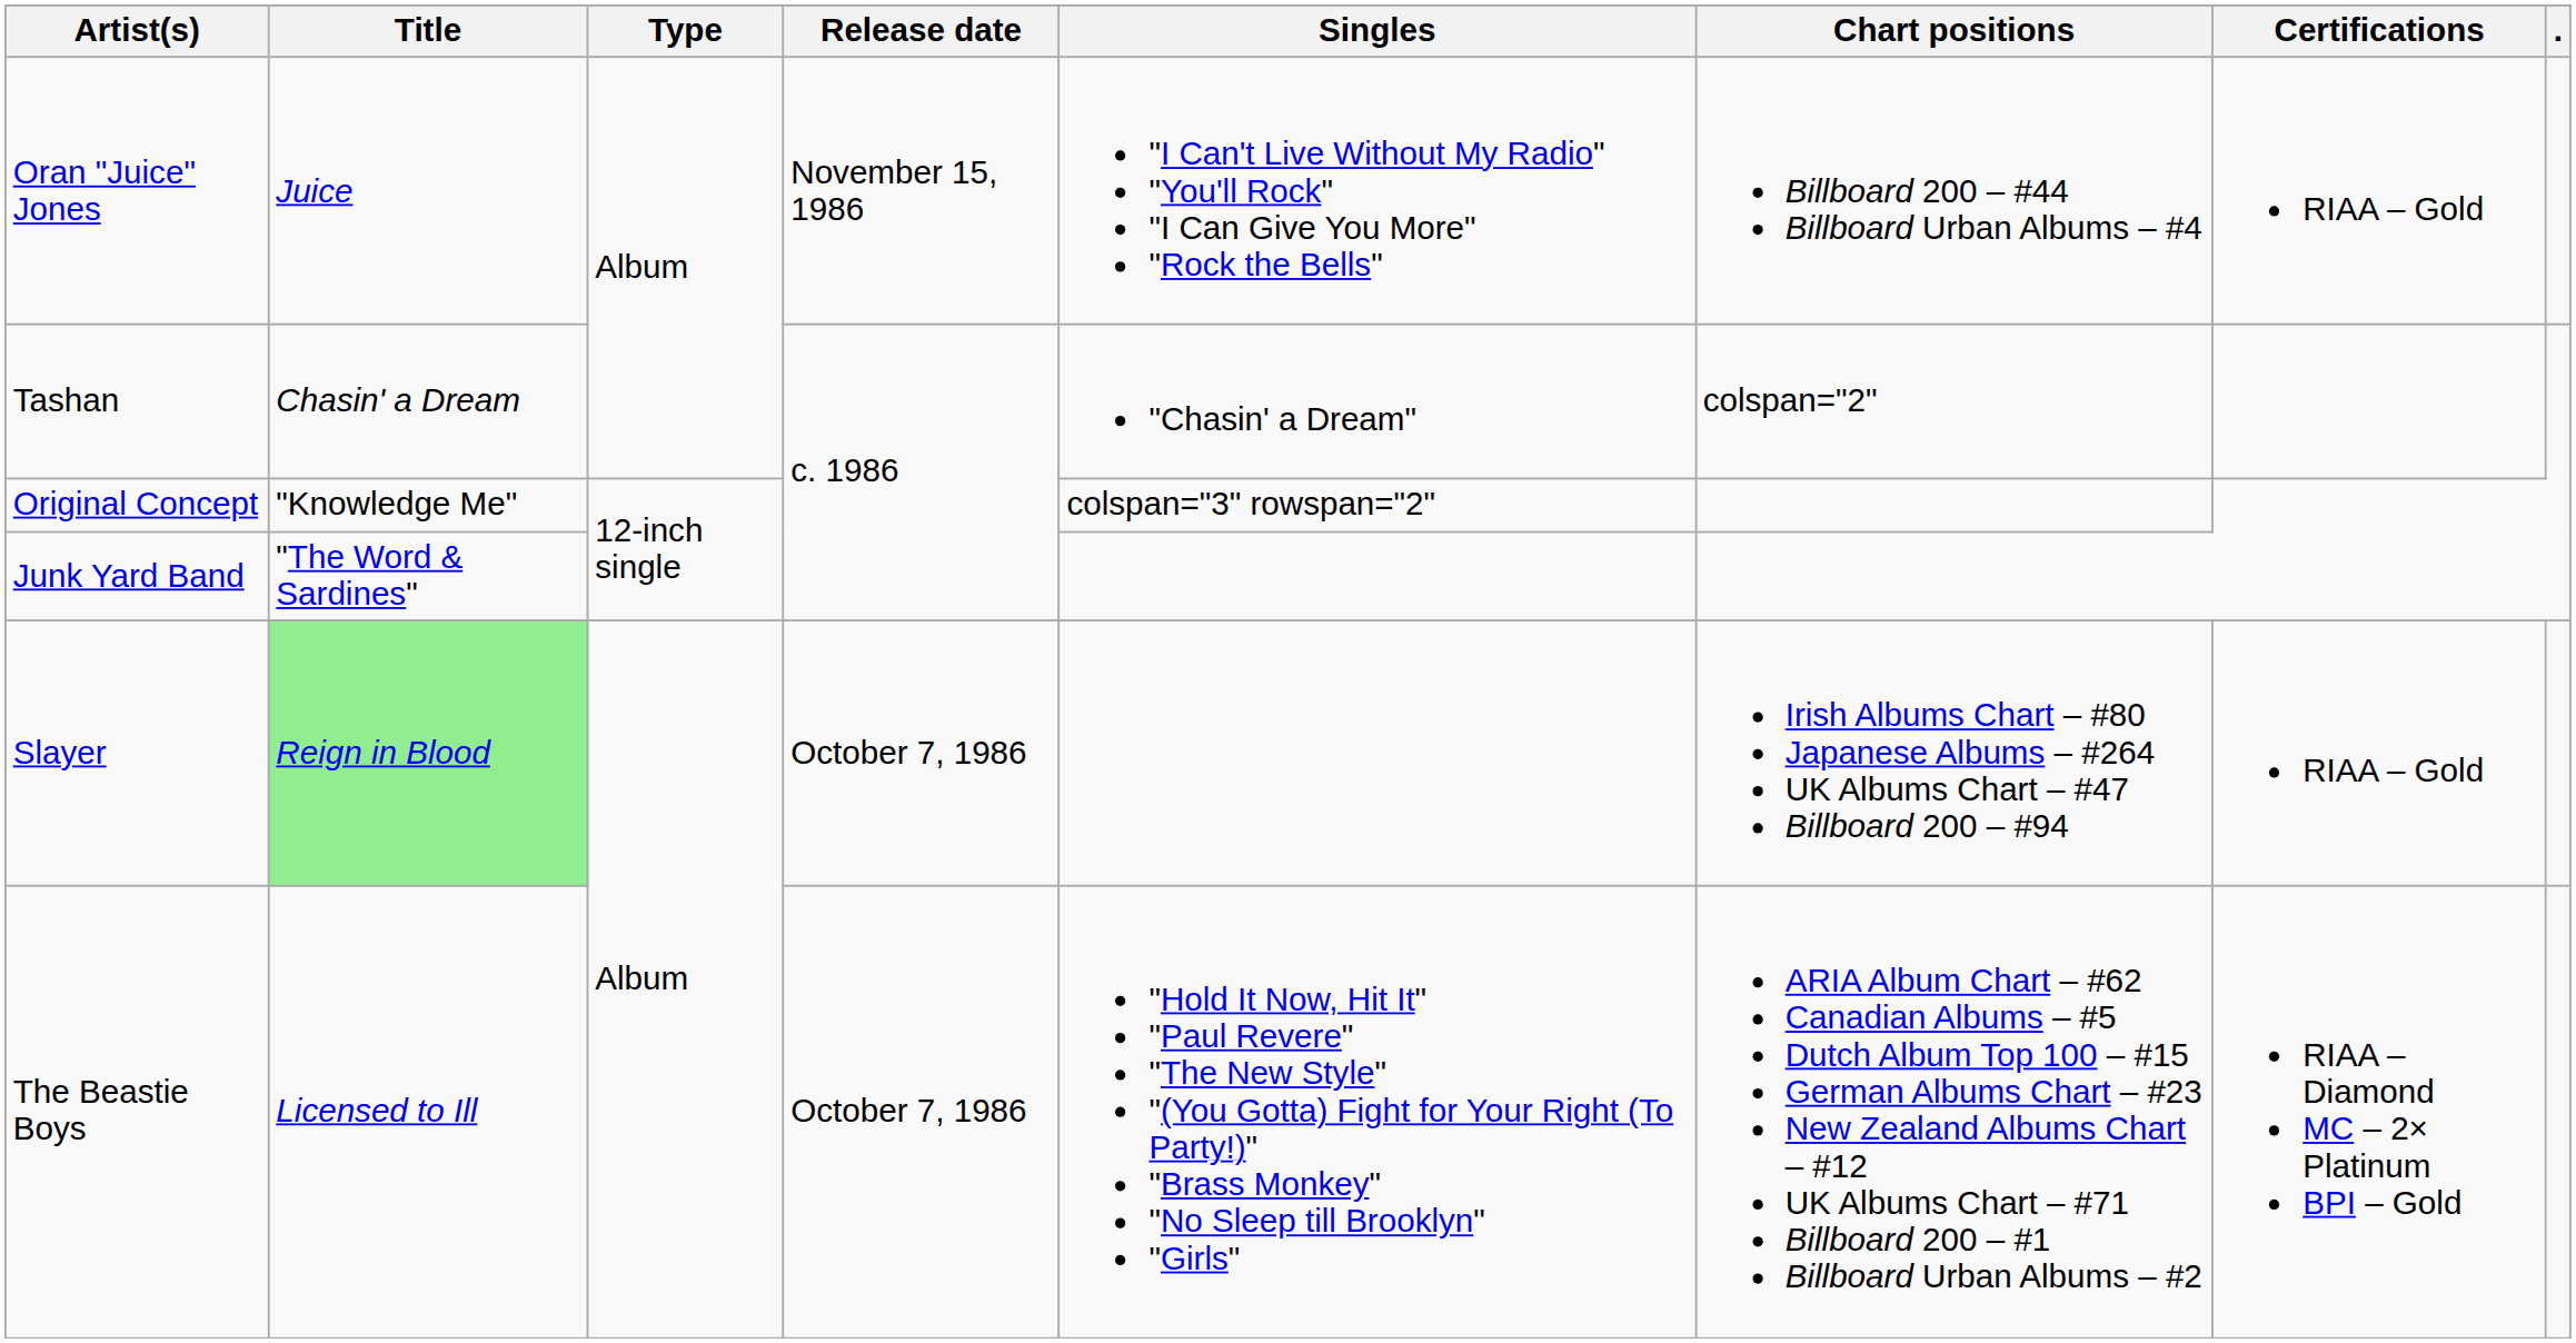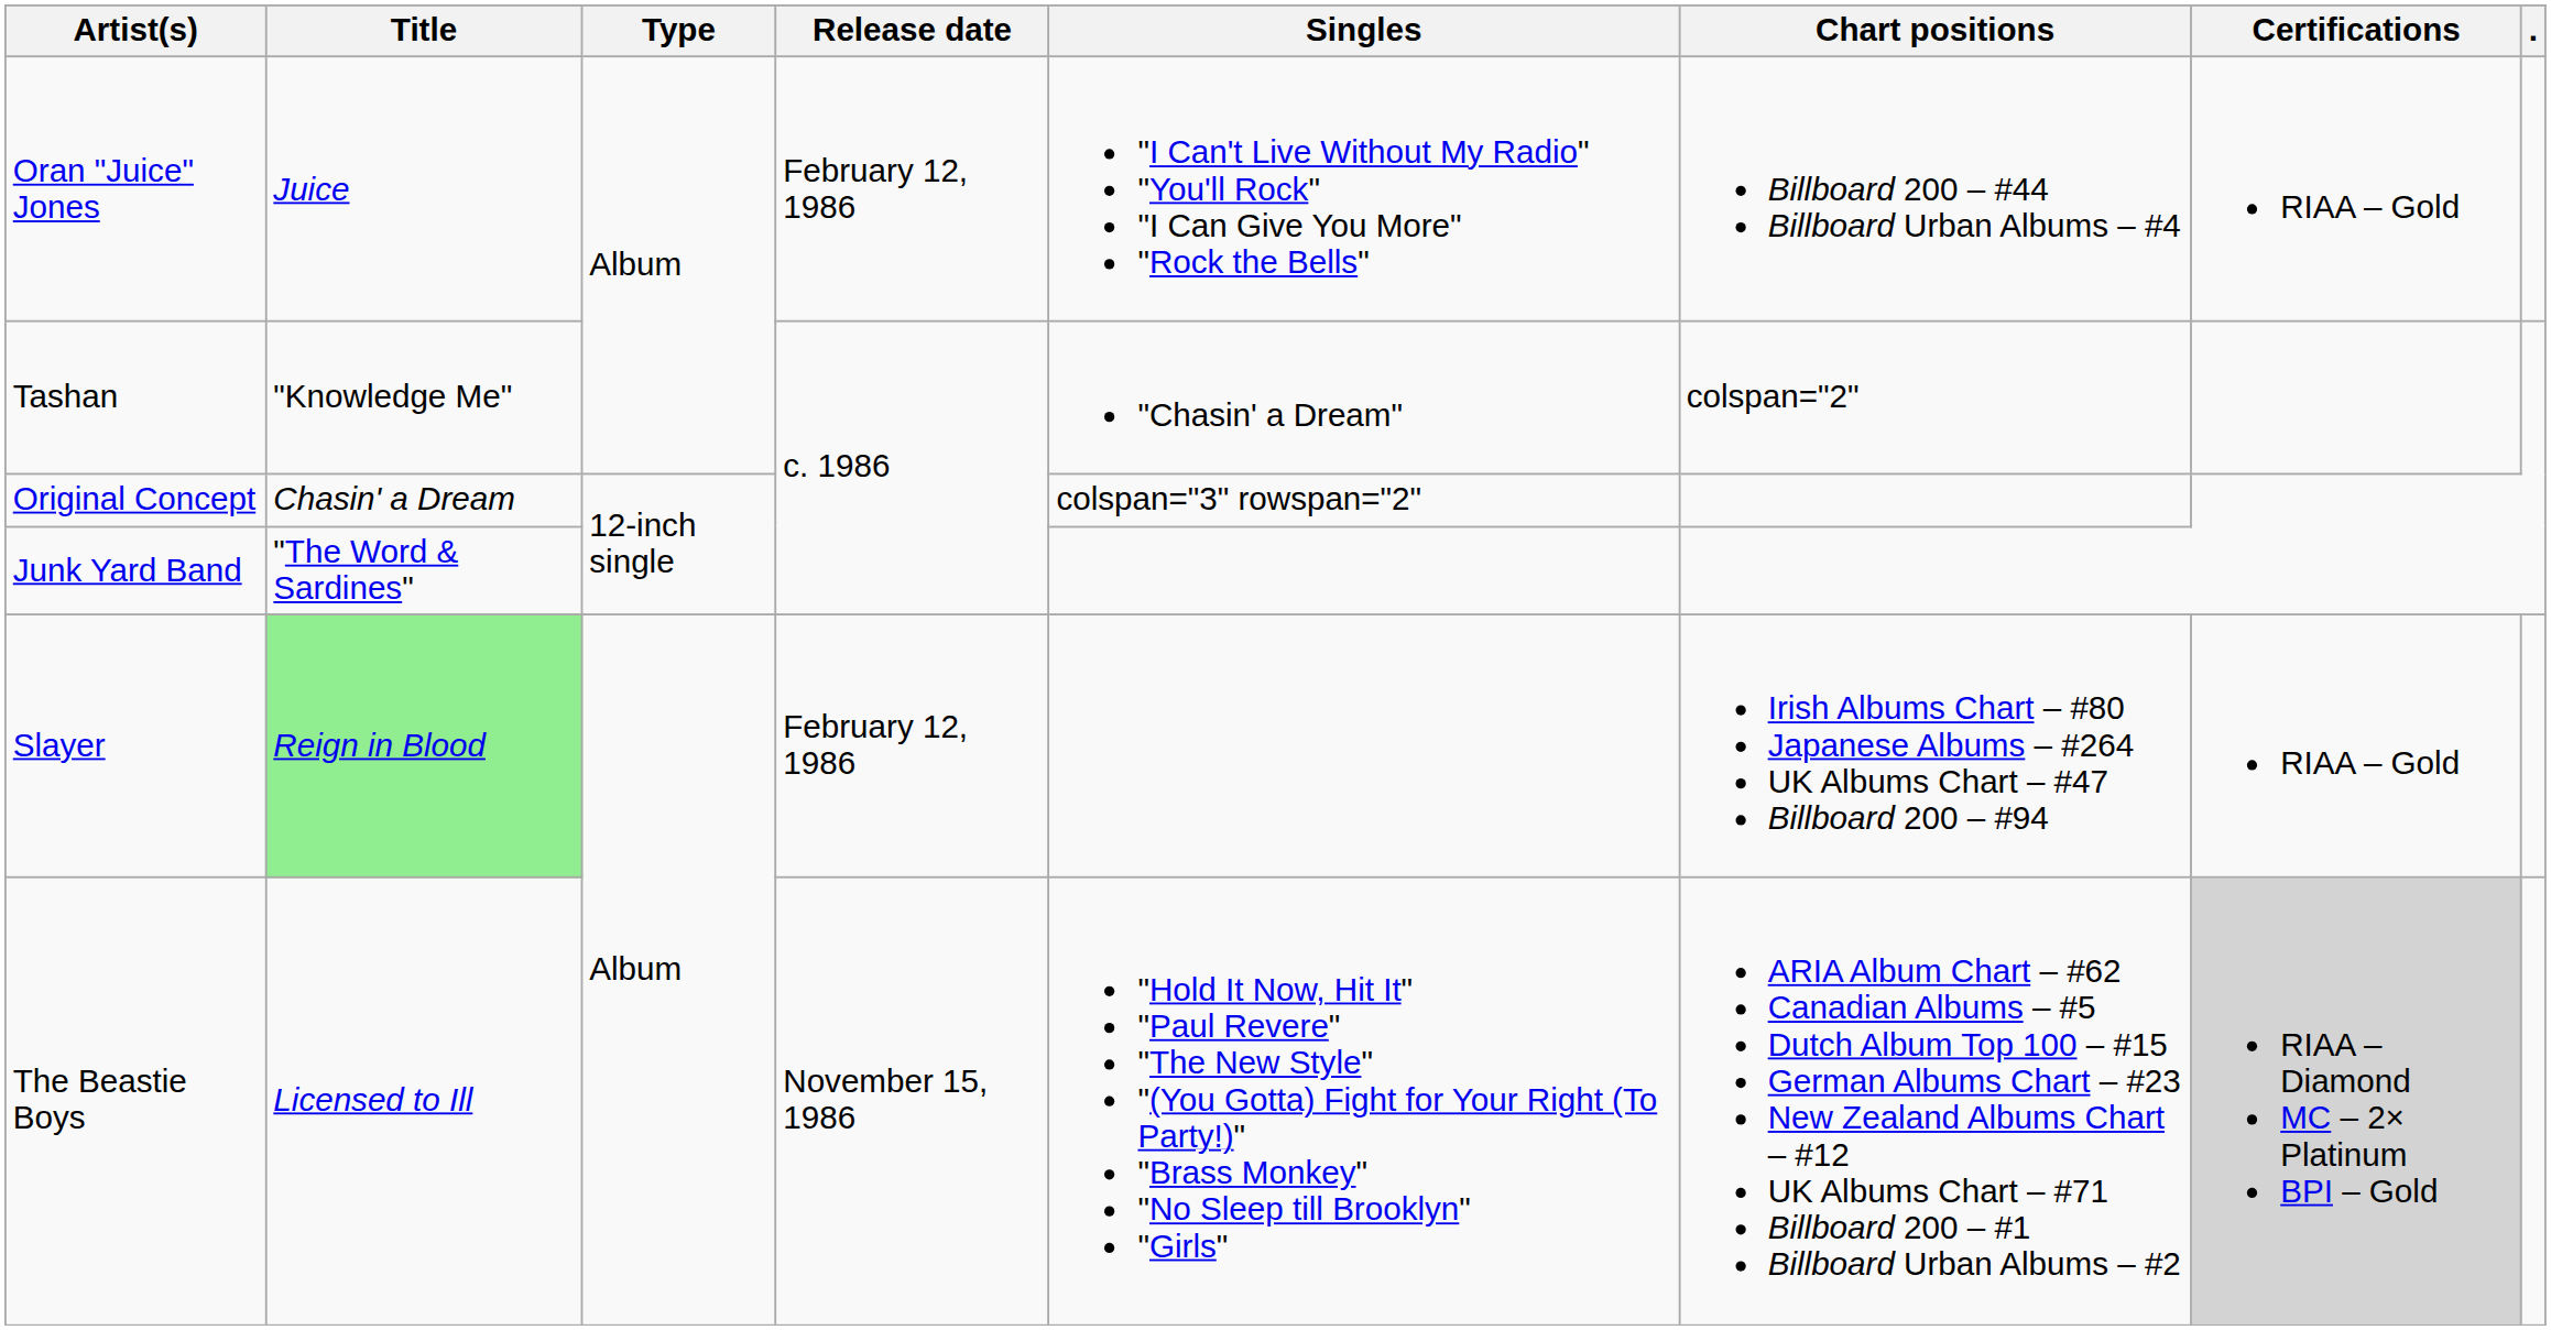 <table class="wikitable">
 <tr>
 <th>Artist(s)</th>
 <th>Title</th>
 <th>Type</th>
 <th>Release date</th>
 <th>Singles</th>
 <th>Chart positions</th>
 <th>Certifications</th>
 <th>.</th>
 </tr>
 <tr>
 <td><a href='#'>Oran "Juice" Jones</a></td>
 <td><em><a href='#'>Juice</a></em></td>
 <td rowspan="2">Album</td>
-<td>November 15, 1986</td>
+<td>February 12, 1986</td>
 <td><br><ul><li>"<a href='#'>I Can't Live Without My Radio</a>"</li><li>"<a href='#'>You'll Rock</a>"</li><li>"I Can Give You More"</li><li>"<a href='#'>Rock the Bells</a>"</li></ul></td>
 <td><br><ul><li><em>Billboard</em> 200 – #44</li><li><em>Billboard</em> Urban Albums – #4</li></ul></td>
 <td><br><ul><li>RIAA – Gold</li></ul></td>
 <td></td>
 </tr>
 <tr>
 <td>Tashan</td>
-<td><em>Chasin' a Dream</em></td>
+<td>"Knowledge Me"</td>
 <td rowspan="3">c. 1986</td>
 <td><br><ul><li>"Chasin' a Dream"</li></ul></td>
 <td>colspan="2" </td>
 <td></td>
 </tr>
 <tr>
 <td><a href='#'>Original Concept</a></td>
-<td>"Knowledge Me"</td>
+<td><em>Chasin' a Dream</em></td>
 <td rowspan="2">12-inch single</td>
 <td>colspan="3" rowspan="2" </td>
 <td></td>
 </tr>
 <tr>
 <td><a href='#'>Junk Yard Band</a></td>
 <td>"<a href='#'>The Word & Sardines</a>"</td>
 <td></td>
 </tr>
 <tr>
 <td><a href='#'>Slayer</a></td>
 <td style="background: lightgreen;"><em><a href='#'>Reign in Blood</a></em></td>
 <td rowspan="2">Album</td>
-<td>October 7, 1986</td>
+<td>February 12, 1986</td>
 <td></td>
 <td><br><ul><li><a href='#'>Irish Albums Chart</a> – #80</li><li><a href='#'>Japanese Albums</a> – #264</li><li>UK Albums Chart – #47</li><li><em>Billboard</em> 200 – #94</li></ul></td>
 <td><br><ul><li>RIAA – Gold</li></ul></td>
 <td></td>
 </tr>
 <tr>
 <td>The Beastie Boys</td>
 <td><em><a href='#'>Licensed to Ill</a></em></td>
-<td>October 7, 1986</td>
+<td>November 15, 1986</td>
 <td><br><ul><li>"<a href='#'>Hold It Now, Hit It</a>"</li><li>"<a href='#'>Paul Revere</a>"</li><li>"<a href='#'>The New Style</a>"</li><li>"<a href='#'>(You Gotta) Fight for Your Right (To Party!)</a>"</li><li>"<a href='#'>Brass Monkey</a>"</li><li>"<a href='#'>No Sleep till Brooklyn</a>"</li><li>"<a href='#'>Girls</a>"</li></ul></td>
 <td><br><ul><li><a href='#'>ARIA Album Chart</a> – #62</li><li><a href='#'>Canadian Albums</a> – #5</li><li><a href='#'>Dutch Album Top 100</a> – #15</li><li><a href='#'>German Albums Chart</a> – #23</li><li><a href='#'>New Zealand Albums Chart</a> – #12</li><li>UK Albums Chart – #71</li><li><em>Billboard</em> 200 – #1</li><li><em>Billboard</em> Urban Albums – #2</li></ul></td>
-<td><br><ul><li>RIAA – Diamond</li><li><a href='#'>MC</a> – 2× Platinum</li><li><a href='#'>BPI</a> – Gold</li></ul></td>
+<td style="background: lightgrey;"><br><ul><li>RIAA – Diamond</li><li><a href='#'>MC</a> – 2× Platinum</li><li><a href='#'>BPI</a> – Gold</li></ul></td>
 <td></td>
 </tr>
 </table>
